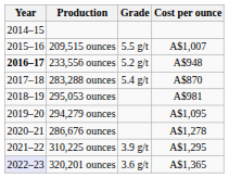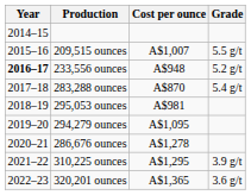 <table class="wikitable">
 <tr style="text-align:center;">
 <th>Year</th>
 <th>Production</th>
+<th>Cost per ounce</th>
 <th>Grade</th>
-<th>Cost per ounce</th>
 </tr>
 <tr style="text-align:center;">
 <td>2014–15</td>
 <td></td>
 <td></td>
 <td></td>
 </tr>
 <tr style="text-align:center;">
 <td>2015–16</td>
 <td>209,515 ounces</td>
+<td>A$1,007</td>
 <td>5.5 g/t</td>
-<td>A$1,007</td>
 </tr>
 <tr style="text-align:center;">
 <td><strong>2016–17</strong></td>
 <td>233,556 ounces</td>
+<td>A$948</td>
 <td>5.2 g/t</td>
-<td>A$948</td>
 </tr>
 <tr style="text-align:center;">
 <td>2017–18</td>
 <td>283,288 ounces</td>
+<td>A$870</td>
 <td>5.4 g/t</td>
-<td>A$870</td>
 </tr>
 <tr style="text-align:center;">
 <td>2018–19</td>
 <td>295,053 ounces</td>
+<td>A$981</td>
 <td></td>
-<td>A$981</td>
 </tr>
 <tr style="text-align:center;">
 <td>2019–20</td>
 <td>294,279 ounces</td>
+<td>A$1,095</td>
 <td></td>
-<td>A$1,095</td>
 </tr>
 <tr style="text-align:center;">
 <td>2020–21</td>
 <td>286,676 ounces</td>
+<td>A$1,278</td>
 <td></td>
-<td>A$1,278</td>
 </tr>
 <tr style="text-align:center;">
 <td>2021–22</td>
 <td>310,225 ounces</td>
+<td>A$1,295</td>
 <td>3.9 g/t</td>
-<td>A$1,295</td>
 </tr>
 <tr style="text-align:center;">
-<td style="background: lavender;">2022–23</td>
+<td>2022–23</td>
 <td>320,201 ounces</td>
+<td>A$1,365</td>
 <td>3.6 g/t</td>
-<td>A$1,365</td>
 </tr>
 </table>
